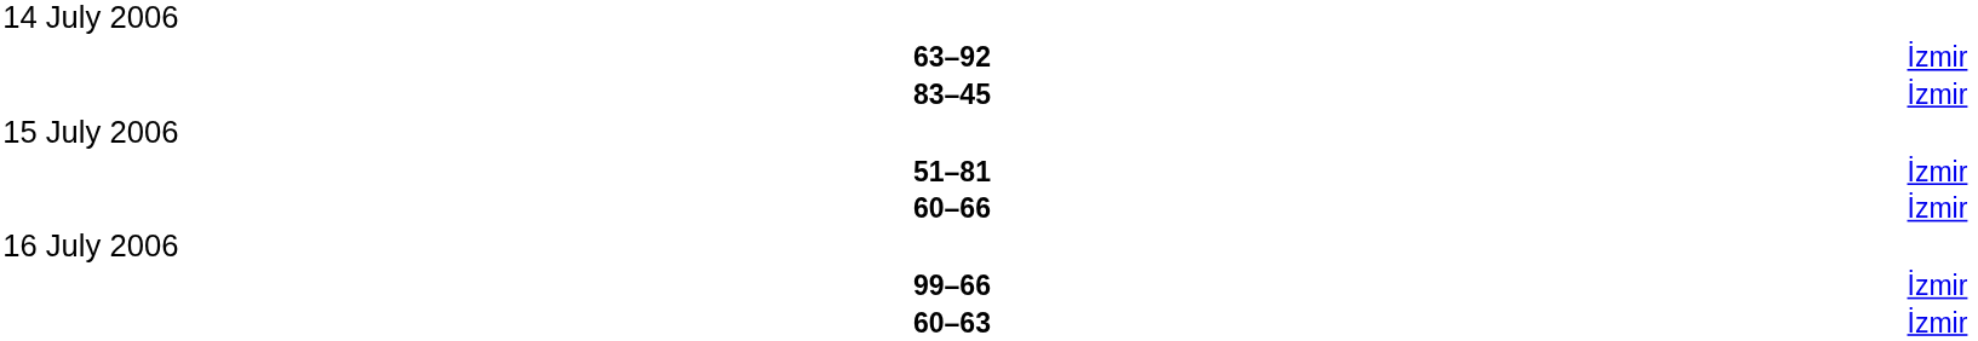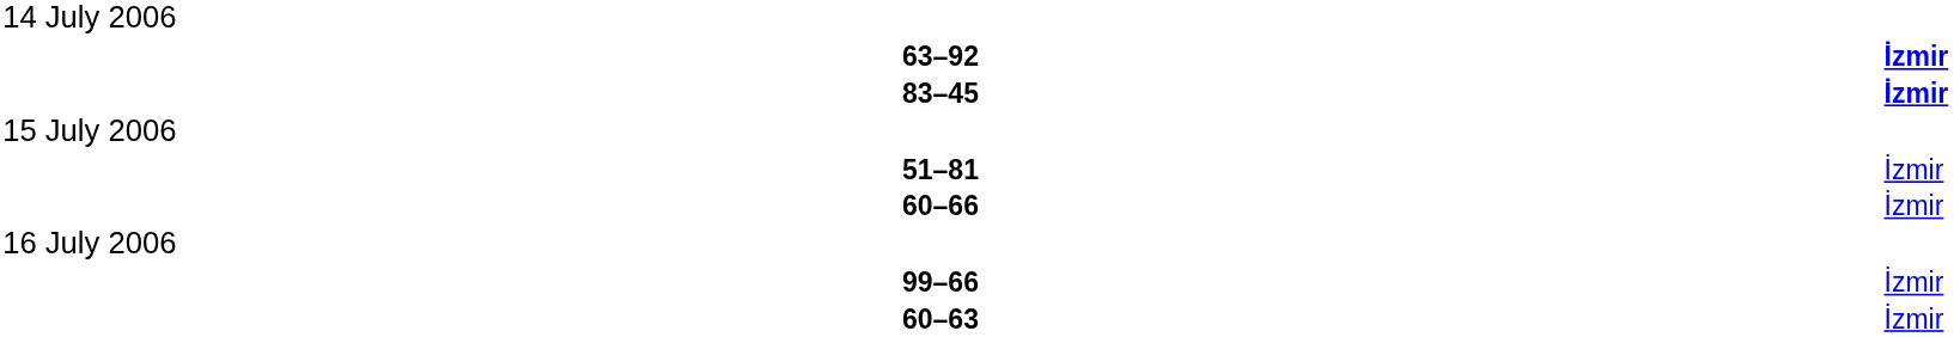 <table style="width:100%;" cellspacing="1">
 <tr>
 <th width=25%></th>
 <th width=3%></th>
 <th width=6%></th>
 <th width=3%></th>
 <th width=25%></th>
 </tr>
 <tr>
 <td>14 July 2006</td>
 </tr>
 <tr style=font-size:90%>
 <td align=right><strong></strong></td>
 <td></td>
 <td align=center><strong>63–92</strong></td>
 <td></td>
 <td><strong></strong></td>
-<td><a href='#'>İzmir</a></td>
+<td><strong><a href='#'>İzmir</a></strong></td>
 </tr>
 <tr style=font-size:90%>
 <td align=right><strong></strong></td>
 <td></td>
 <td align=center><strong>83–45</strong></td>
 <td></td>
 <td><strong></strong></td>
-<td><a href='#'>İzmir</a></td>
+<td><strong><a href='#'>İzmir</a></strong></td>
 </tr>
 <tr>
 <td>15 July 2006</td>
 </tr>
 <tr style=font-size:90%>
 <td align=right><strong></strong></td>
 <td></td>
 <td align=center><strong>51–81</strong></td>
 <td></td>
 <td><strong></strong></td>
 <td><a href='#'>İzmir</a></td>
 </tr>
 <tr style=font-size:90%>
 <td align=right><strong></strong></td>
 <td></td>
 <td align=center><strong>60–66</strong></td>
 <td></td>
 <td><strong></strong></td>
 <td><a href='#'>İzmir</a></td>
 </tr>
 <tr>
 <td>16 July 2006</td>
 </tr>
 <tr style=font-size:90%>
 <td align=right><strong></strong></td>
 <td></td>
 <td align=center><strong>99–66</strong></td>
 <td></td>
 <td><strong></strong></td>
 <td><a href='#'>İzmir</a></td>
 </tr>
 <tr style=font-size:90%>
 <td align=right><strong></strong></td>
 <td></td>
 <td align=center><strong>60–63</strong></td>
 <td></td>
 <td><strong></strong></td>
 <td><a href='#'>İzmir</a></td>
 </tr>
 </table>
